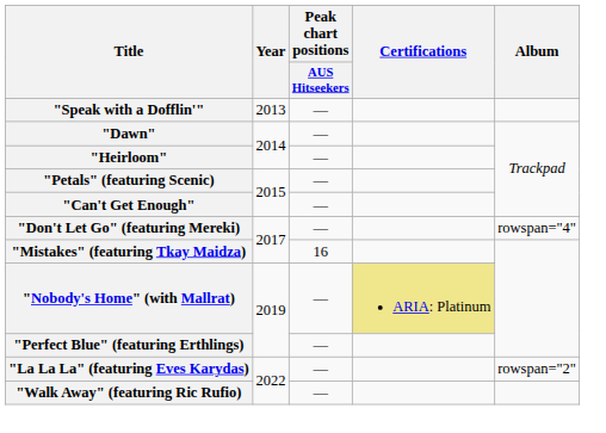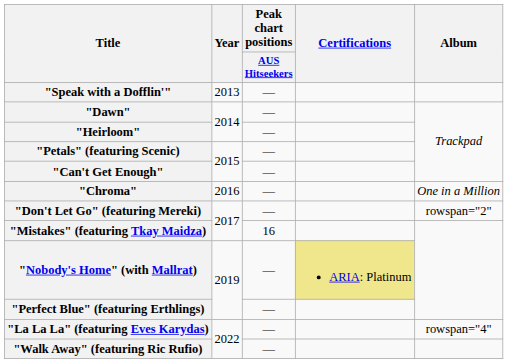 <table class="wikitable plainrowheaders" style="text-align:center;">
 <tr>
 <th scope="col" rowspan="2">Title</th>
 <th scope="col" rowspan="2">Year</th>
 <th scope="col" colspan="1">Peak chart positions</th>
 <th scope="col" rowspan="2"><a href='#'>Certifications</a></th>
 <th scope="col" rowspan="2">Album</th>
 </tr>
 <tr>
 <th scope="col" style="width:3em;font-size:85%;"><a href='#'>AUS Hitseekers</a></th>
 </tr>
 <tr>
 <th scope="row">"Speak with a Dofflin'"</th>
 <td>2013</td>
 <td>—</td>
 <td></td>
 <td></td>
 </tr>
 <tr>
 <th scope="row">"Dawn"</th>
 <td rowspan="2">2014</td>
 <td>—</td>
 <td></td>
 <td rowspan="4"><em>Trackpad</em></td>
 </tr>
 <tr>
 <th scope="row">"Heirloom"</th>
 <td>—</td>
 <td></td>
 </tr>
 <tr>
 <th scope="row">"Petals" (featuring Scenic)</th>
 <td rowspan="2">2015</td>
 <td>—</td>
 <td></td>
 </tr>
 <tr>
 <th scope="row">"Can't Get Enough"</th>
 <td>—</td>
 <td></td>
 </tr>
 <tr>
+<th scope="row">"Chroma"</th>
+<td>2016</td>
+<td>—</td>
+<td></td>
+<td><em>One in a Million</em> </td>
+</tr>
+<tr>
 <th scope="row">"Don't Let Go" (featuring Mereki)</th>
 <td rowspan="2">2017</td>
 <td>—</td>
 <td></td>
-<td>rowspan="4" </td>
+<td>rowspan="2" </td>
 </tr>
 <tr>
 <th scope="row">"Mistakes" (featuring <a href='#'>Tkay Maidza</a>)</th>
 <td>16</td>
 <td></td>
 </tr>
 <tr>
 <th scope="row">"<a href='#'>Nobody's Home</a>" (with <a href='#'>Mallrat</a>)</th>
 <td rowspan="2">2019</td>
 <td>—</td>
 <td style="background: khaki;"><br><ul><li><a href='#'>ARIA</a>: Platinum</li></ul></td>
 </tr>
 <tr>
 <th scope="row">"Perfect Blue" (featuring Erthlings)</th>
 <td>—</td>
 <td></td>
 </tr>
 <tr>
 <th scope="row">"La La La" (featuring <a href='#'>Eves Karydas</a>)</th>
 <td rowspan="2">2022</td>
 <td>—</td>
 <td></td>
-<td>rowspan="2" </td>
+<td>rowspan="4" </td>
 </tr>
 <tr>
 <th scope="row">"Walk Away" (featuring Ric Rufio)</th>
 <td>—</td>
 <td></td>
 </tr>
 </table>
